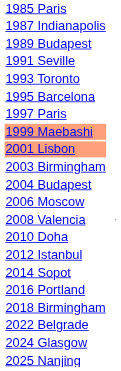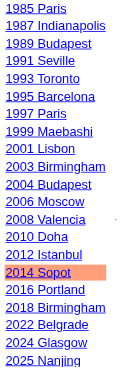 <table>
 <tr>
 <td><a href='#'>1985 Paris</a><br></td>
 <td></td>
 <td></td>
 <td></td>
 </tr>
 <tr>
 <td><a href='#'>1987 Indianapolis</a><br></td>
 <td></td>
 <td></td>
 <td></td>
 </tr>
 <tr>
 <td><a href='#'>1989 Budapest</a><br></td>
 <td></td>
 <td></td>
 <td></td>
 </tr>
 <tr>
 <td><a href='#'>1991 Seville</a><br></td>
 <td></td>
 <td></td>
 <td></td>
 </tr>
 <tr>
 <td><a href='#'>1993 Toronto</a><br></td>
 <td></td>
 <td></td>
 <td></td>
 </tr>
 <tr>
 <td><a href='#'>1995 Barcelona</a><br></td>
 <td></td>
 <td></td>
 <td></td>
 </tr>
 <tr>
 <td><a href='#'>1997 Paris</a><br></td>
 <td></td>
 <td></td>
 <td></td>
 </tr>
 <tr>
-<td style="background: lightsalmon;"><a href='#'>1999 Maebashi</a><br></td>
+<td><a href='#'>1999 Maebashi</a><br></td>
 <td></td>
 <td></td>
 <td></td>
 </tr>
 <tr>
-<td style="background: lightsalmon;"><a href='#'>2001 Lisbon</a><br></td>
+<td><a href='#'>2001 Lisbon</a><br></td>
 <td></td>
 <td></td>
 <td></td>
 </tr>
 <tr>
 <td><a href='#'>2003 Birmingham</a><br></td>
 <td></td>
 <td></td>
 <td></td>
 </tr>
 <tr>
 <td><a href='#'>2004 Budapest</a><br></td>
 <td></td>
 <td></td>
 <td></td>
 </tr>
 <tr>
 <td><a href='#'>2006 Moscow</a><br></td>
 <td></td>
 <td></td>
 <td></td>
 </tr>
 <tr>
 <td><a href='#'>2008 Valencia</a><br></td>
 <td></td>
 <td></td>
 <td> <hr> </td>
 </tr>
 <tr>
 <td><a href='#'>2010 Doha</a><br></td>
 <td></td>
 <td></td>
 <td></td>
 </tr>
 <tr>
 <td><a href='#'>2012 Istanbul</a><br></td>
 <td></td>
 <td></td>
 <td></td>
 </tr>
 <tr>
-<td><a href='#'>2014 Sopot</a><br></td>
+<td style="background: lightsalmon;"><a href='#'>2014 Sopot</a><br></td>
 <td></td>
 <td></td>
 <td></td>
 </tr>
 <tr>
 <td><a href='#'>2016 Portland</a><br></td>
 <td></td>
 <td></td>
 <td></td>
 </tr>
 <tr>
 <td><a href='#'>2018 Birmingham</a><br></td>
 <td></td>
 <td></td>
 <td></td>
 </tr>
 <tr>
 <td><a href='#'>2022 Belgrade</a><br></td>
 <td></td>
 <td></td>
 <td></td>
 </tr>
 <tr>
 <td><a href='#'>2024 Glasgow</a><br></td>
 <td></td>
 <td></td>
 <td></td>
 </tr>
 <tr>
 <td><a href='#'>2025 Nanjing</a><br></td>
 <td></td>
 <td></td>
 <td></td>
 </tr>
 </table>
